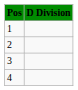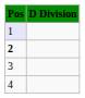 <table class="wikitable" style="margin:0.5em auto; font-size:95%">
 <tr bgcolor="#008B00">
 <td><strong>Pos</strong></td>
 <td><strong>D Division</strong></td>
 </tr>
 <tr>
-<td>1</td>
+<td style="background: lavender;">1</td>
 <td></td>
 </tr>
 <tr>
-<td>2</td>
+<td><strong>2</strong></td>
 <td></td>
 </tr>
 <tr>
 <td>3</td>
 <td></td>
 </tr>
 <tr>
 <td>4</td>
 <td></td>
 </tr>
 </table>
